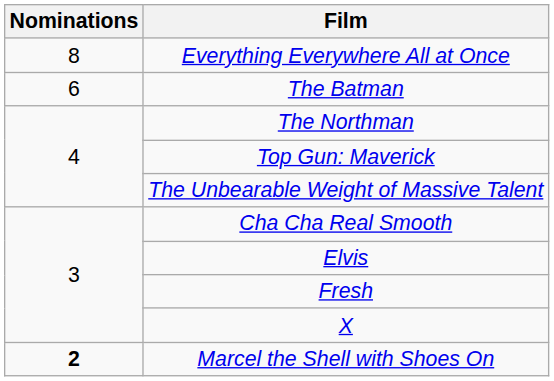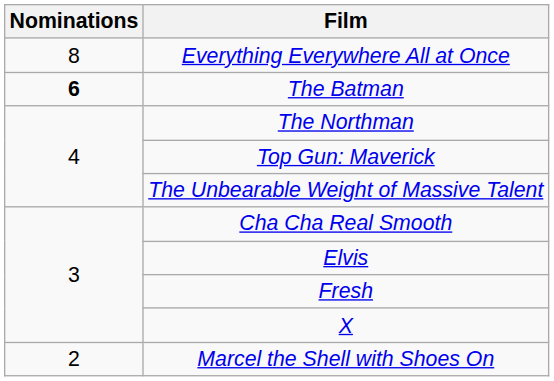 <table class="wikitable" rowspan="2" style="text-align:center" background: #f6e39c;>
 <tr>
 <th scope="col" style="width:55px;">Nominations</th>
 <th scope="col" style="text-align:center;">Film</th>
 </tr>
 <tr>
 <td style="text-align:center">8</td>
 <td><em><a href='#'>Everything Everywhere All at Once</a></em></td>
 </tr>
 <tr>
-<td style="text-align:center">6</td>
+<td style="text-align:center"><strong>6</strong></td>
 <td><em><a href='#'>The Batman</a></em></td>
 </tr>
 <tr>
 <td rowspan="3" style="text-align:center">4</td>
 <td><em><a href='#'>The Northman</a></em></td>
 </tr>
 <tr>
 <td><em><a href='#'>Top Gun: Maverick</a></em></td>
 </tr>
 <tr>
 <td><em><a href='#'>The Unbearable Weight of Massive Talent</a></em></td>
 </tr>
 <tr>
 <td rowspan="4" style="text-align:center">3</td>
 <td><em><a href='#'>Cha Cha Real Smooth</a></em></td>
 </tr>
 <tr>
 <td><em><a href='#'>Elvis</a></em></td>
 </tr>
 <tr>
 <td><em><a href='#'>Fresh</a></em></td>
 </tr>
 <tr>
 <td><em><a href='#'>X</a></em></td>
 </tr>
 <tr>
-<td style="text-align:center"><strong>2</strong></td>
+<td style="text-align:center">2</td>
 <td><em><a href='#'>Marcel the Shell with Shoes On</a></em></td>
 </tr>
 </table>
